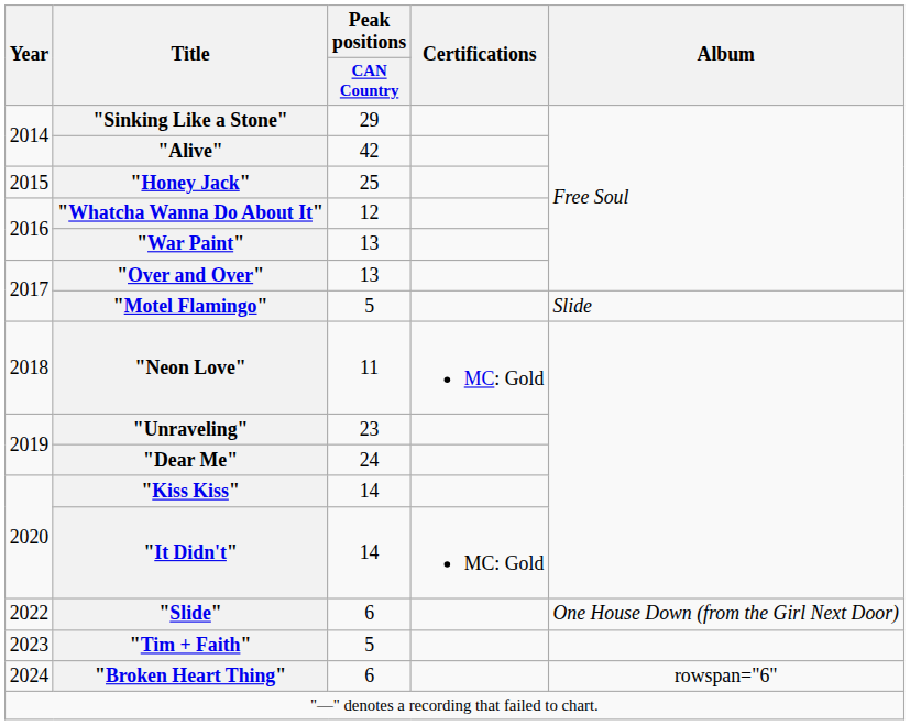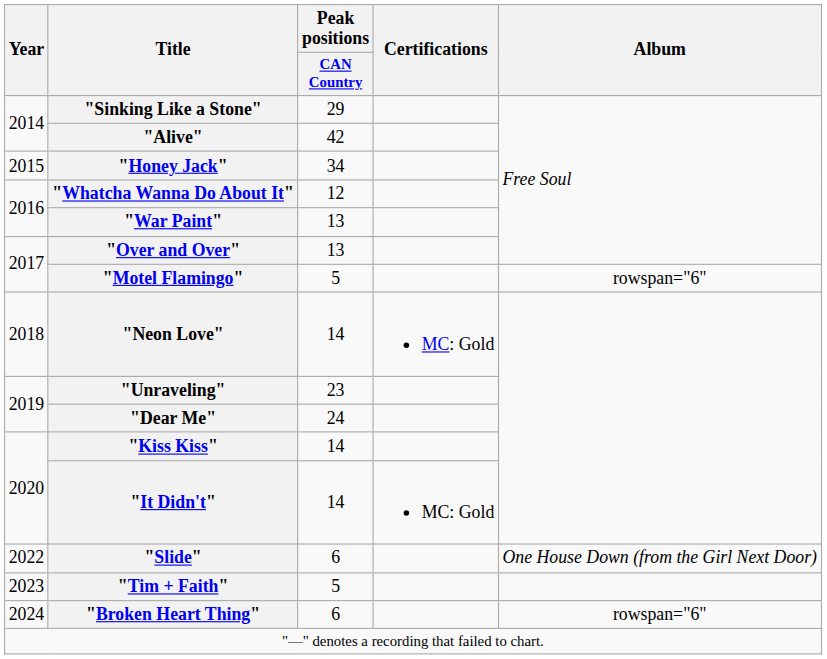 <table class="wikitable plainrowheaders" style="text-align:center;">
 <tr>
 <th scope="col" rowspan="2">Year</th>
 <th scope="col" rowspan="2">Title</th>
 <th scope="col">Peak positions</th>
 <th scope="col" rowspan="2">Certifications</th>
 <th scope="col" rowspan="2">Album</th>
 </tr>
 <tr style="font-size:smaller;">
 <th scope="col" style="width:4em;"><a href='#'>CAN Country</a><br></th>
 </tr>
 <tr>
 <td rowspan="2">2014</td>
 <th scope="row">"Sinking Like a Stone"</th>
 <td>29</td>
 <td></td>
 <td align="left" rowspan="6"><em>Free Soul</em></td>
 </tr>
 <tr>
 <th scope="row">"Alive"</th>
 <td>42</td>
 <td></td>
 </tr>
 <tr>
 <td>2015</td>
 <th scope="row">"<a href='#'>Honey Jack</a>"</th>
-<td>25</td>
+<td>34</td>
 <td></td>
 </tr>
 <tr>
 <td rowspan="2">2016</td>
 <th scope="row">"<a href='#'>Whatcha Wanna Do About It</a>"</th>
 <td>12</td>
 <td></td>
 </tr>
 <tr>
 <th scope="row">"<a href='#'>War Paint</a>"</th>
 <td>13</td>
 <td></td>
 </tr>
 <tr>
 <td rowspan="2">2017</td>
 <th scope="row">"<a href='#'>Over and Over</a>"</th>
 <td>13</td>
 <td></td>
 </tr>
 <tr>
 <th scope="row">"<a href='#'>Motel Flamingo</a>"</th>
 <td>5</td>
 <td></td>
-<td align="left"><em>Slide</em></td>
+<td>rowspan="6" </td>
 </tr>
 <tr>
 <td>2018</td>
 <th scope="row">"Neon Love"</th>
-<td>11</td>
+<td>14</td>
 <td><br><ul><li><a href='#'>MC</a>: Gold</li></ul></td>
 </tr>
 <tr>
 <td rowspan="2">2019</td>
 <th scope="row">"Unraveling"</th>
 <td>23</td>
 <td></td>
 </tr>
 <tr>
 <th scope="row">"Dear Me"</th>
 <td>24</td>
 <td></td>
 </tr>
 <tr>
 <td rowspan="2">2020</td>
 <th scope="row">"<a href='#'>Kiss Kiss</a>"</th>
 <td>14</td>
 <td></td>
 </tr>
 <tr>
 <th scope="row">"<a href='#'>It Didn't</a>"</th>
 <td>14</td>
 <td><br><ul><li>MC: Gold</li></ul></td>
 </tr>
 <tr>
 <td>2022</td>
 <th scope="row">"<a href='#'>Slide</a>"</th>
 <td>6</td>
 <td></td>
 <td align="left"><em>One House Down (from the Girl Next Door)</em></td>
 </tr>
 <tr>
 <td>2023</td>
 <th scope="row">"<a href='#'>Tim + Faith</a>"</th>
 <td>5</td>
 <td></td>
 <td></td>
 </tr>
 <tr>
 <td>2024</td>
 <th scope="row">"<a href='#'>Broken Heart Thing</a>"<br></th>
 <td>6</td>
 <td></td>
 <td>rowspan="6" </td>
 </tr>
 <tr>
 <td colspan="5" style="font-size:smaller">"—" denotes a recording that failed to chart.</td>
 </tr>
 </table>
